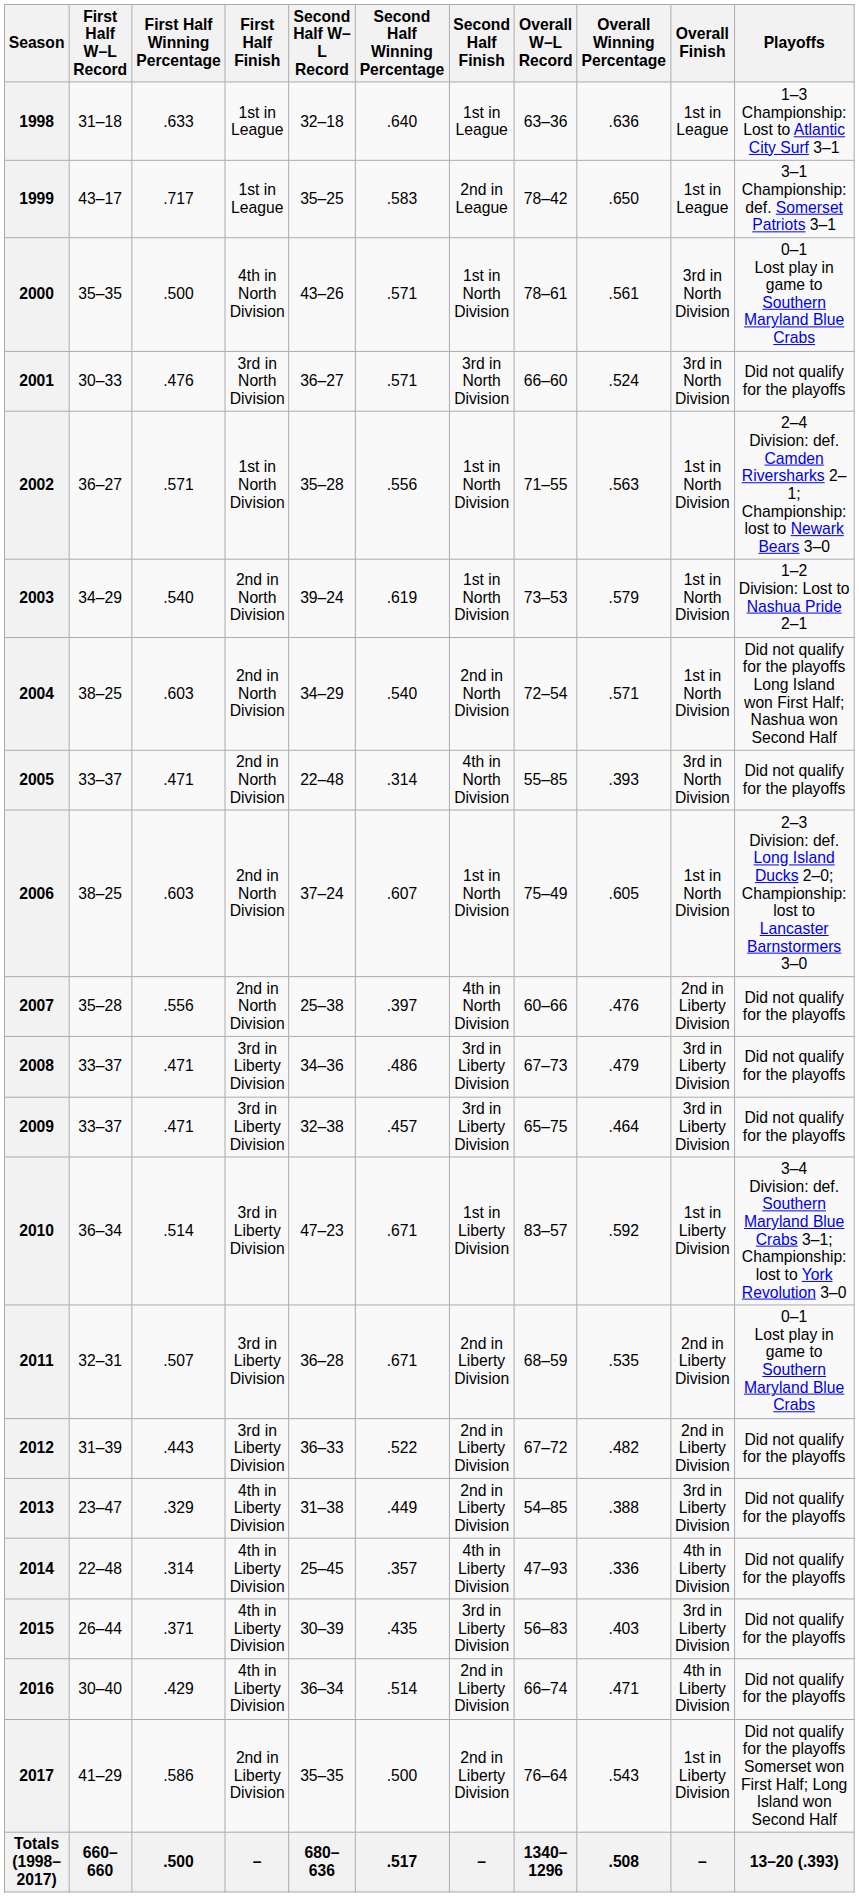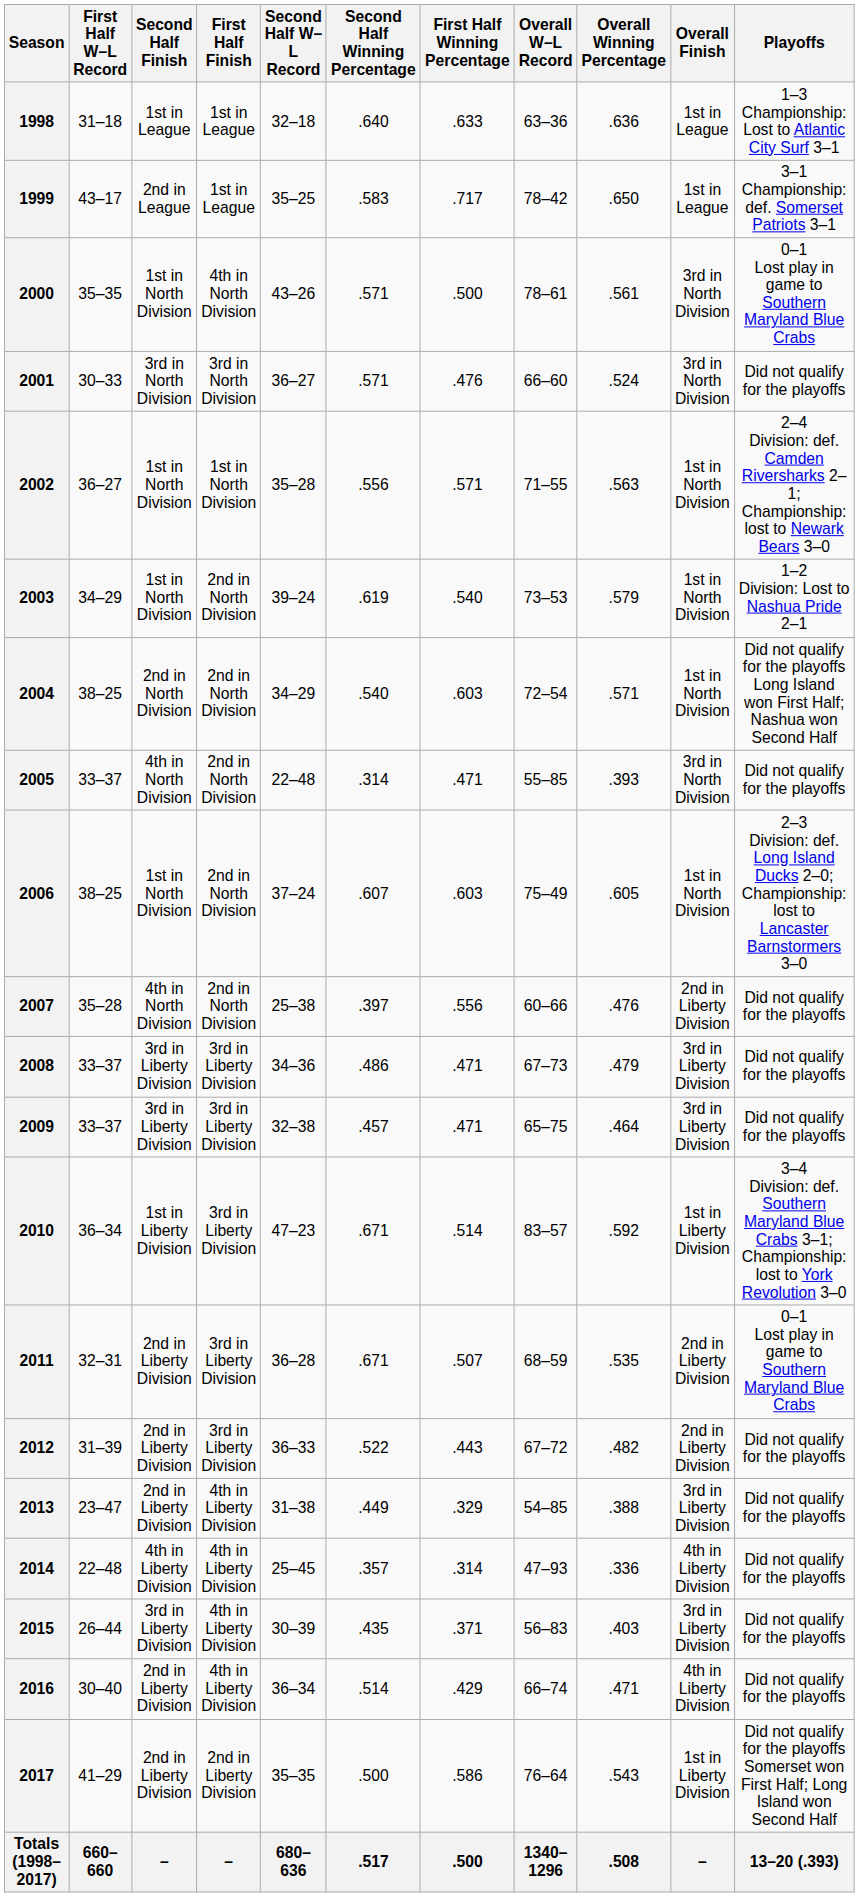 <table class="wikitable" style="text-align: center;">
 <tr>
 <th>Season</th>
 <th>First Half W–L Record</th>
-<th>First Half Winning Percentage</th>
+<th>Second Half Finish</th>
 <th>First Half Finish</th>
 <th>Second Half W–L Record</th>
 <th>Second Half Winning Percentage</th>
-<th>Second Half Finish</th>
+<th>First Half Winning Percentage</th>
 <th>Overall W–L Record</th>
 <th>Overall Winning Percentage</th>
 <th>Overall Finish</th>
 <th>Playoffs</th>
 </tr>
 <tr>
 <th>1998</th>
 <td>31–18</td>
-<td>.633</td>
+<td>1st in League</td>
 <td>1st in League</td>
 <td>32–18</td>
 <td>.640</td>
-<td>1st in League</td>
+<td>.633</td>
 <td>63–36</td>
 <td>.636</td>
 <td>1st in League</td>
 <td>1–3<br>Championship: Lost to <a href='#'>Atlantic City Surf</a> 3–1</td>
 </tr>
 <tr>
 <th>1999</th>
 <td>43–17</td>
-<td>.717</td>
+<td>2nd in League</td>
 <td>1st in League</td>
 <td>35–25</td>
 <td>.583</td>
-<td>2nd in League</td>
+<td>.717</td>
 <td>78–42</td>
 <td>.650</td>
 <td>1st in League</td>
 <td>3–1<br>Championship: def. <a href='#'>Somerset Patriots</a> 3–1</td>
 </tr>
 <tr>
 <th>2000</th>
 <td>35–35</td>
-<td>.500</td>
+<td>1st in North Division</td>
 <td>4th in North Division</td>
 <td>43–26</td>
 <td>.571</td>
-<td>1st in North Division</td>
+<td>.500</td>
 <td>78–61</td>
 <td>.561</td>
 <td>3rd in North Division</td>
 <td>0–1<br>Lost play in game to <a href='#'>Southern Maryland Blue Crabs</a></td>
 </tr>
 <tr>
 <th>2001</th>
 <td>30–33</td>
-<td>.476</td>
+<td>3rd in North Division</td>
 <td>3rd in North Division</td>
 <td>36–27</td>
 <td>.571</td>
-<td>3rd in North Division</td>
+<td>.476</td>
 <td>66–60</td>
 <td>.524</td>
 <td>3rd in North Division</td>
 <td>Did not qualify for the playoffs</td>
 </tr>
 <tr>
 <th>2002</th>
 <td>36–27</td>
-<td>.571</td>
+<td>1st in North Division</td>
 <td>1st in North Division</td>
 <td>35–28</td>
 <td>.556</td>
-<td>1st in North Division</td>
+<td>.571</td>
 <td>71–55</td>
 <td>.563</td>
 <td>1st in North Division</td>
 <td>2–4<br>Division: def. <a href='#'>Camden Riversharks</a> 2–1; Championship: lost to <a href='#'>Newark Bears</a> 3–0</td>
 </tr>
 <tr>
 <th>2003</th>
 <td>34–29</td>
-<td>.540</td>
+<td>1st in North Division</td>
 <td>2nd in North Division</td>
 <td>39–24</td>
 <td>.619</td>
-<td>1st in North Division</td>
+<td>.540</td>
 <td>73–53</td>
 <td>.579</td>
 <td>1st in North Division</td>
 <td>1–2<br>Division: Lost to <a href='#'>Nashua Pride</a> 2–1</td>
 </tr>
 <tr>
 <th>2004</th>
 <td>38–25</td>
-<td>.603</td>
+<td>2nd in North Division</td>
 <td>2nd in North Division</td>
 <td>34–29</td>
 <td>.540</td>
-<td>2nd in North Division</td>
+<td>.603</td>
 <td>72–54</td>
 <td>.571</td>
 <td>1st in North Division</td>
 <td>Did not qualify for the playoffs<br>Long Island won First Half; Nashua won Second Half</td>
 </tr>
 <tr>
 <th>2005</th>
 <td>33–37</td>
-<td>.471</td>
+<td>4th in North Division</td>
 <td>2nd in North Division</td>
 <td>22–48</td>
 <td>.314</td>
-<td>4th in North Division</td>
+<td>.471</td>
 <td>55–85</td>
 <td>.393</td>
 <td>3rd in North Division</td>
 <td>Did not qualify for the playoffs</td>
 </tr>
 <tr>
 <th>2006</th>
 <td>38–25</td>
-<td>.603</td>
+<td>1st in North Division</td>
 <td>2nd in North Division</td>
 <td>37–24</td>
 <td>.607</td>
-<td>1st in North Division</td>
+<td>.603</td>
 <td>75–49</td>
 <td>.605</td>
 <td>1st in North Division</td>
 <td>2–3<br>Division: def. <a href='#'>Long Island Ducks</a> 2–0; Championship: lost to <a href='#'>Lancaster Barnstormers</a> 3–0</td>
 </tr>
 <tr>
 <th>2007</th>
 <td>35–28</td>
-<td>.556</td>
+<td>4th in North Division</td>
 <td>2nd in North Division</td>
 <td>25–38</td>
 <td>.397</td>
-<td>4th in North Division</td>
+<td>.556</td>
 <td>60–66</td>
 <td>.476</td>
 <td>2nd in Liberty Division</td>
 <td>Did not qualify for the playoffs</td>
 </tr>
 <tr>
 <th>2008</th>
 <td>33–37</td>
-<td>.471</td>
+<td>3rd in Liberty Division</td>
 <td>3rd in Liberty Division</td>
 <td>34–36</td>
 <td>.486</td>
-<td>3rd in Liberty Division</td>
+<td>.471</td>
 <td>67–73</td>
 <td>.479</td>
 <td>3rd in Liberty Division</td>
 <td>Did not qualify for the playoffs</td>
 </tr>
 <tr>
 <th>2009</th>
 <td>33–37</td>
-<td>.471</td>
+<td>3rd in Liberty Division</td>
 <td>3rd in Liberty Division</td>
 <td>32–38</td>
 <td>.457</td>
-<td>3rd in Liberty Division</td>
+<td>.471</td>
 <td>65–75</td>
 <td>.464</td>
 <td>3rd in Liberty Division</td>
 <td>Did not qualify for the playoffs</td>
 </tr>
 <tr>
 <th>2010</th>
 <td>36–34</td>
-<td>.514</td>
+<td>1st in Liberty Division</td>
 <td>3rd in Liberty Division</td>
 <td>47–23</td>
 <td>.671</td>
-<td>1st in Liberty Division</td>
+<td>.514</td>
 <td>83–57</td>
 <td>.592</td>
 <td>1st in Liberty Division</td>
 <td>3–4<br>Division: def. <a href='#'>Southern Maryland Blue Crabs</a> 3–1; Championship: lost to <a href='#'>York Revolution</a> 3–0</td>
 </tr>
 <tr>
 <th>2011</th>
 <td>32–31</td>
-<td>.507</td>
+<td>2nd in Liberty Division</td>
 <td>3rd in Liberty Division</td>
 <td>36–28</td>
 <td>.671</td>
-<td>2nd in Liberty Division</td>
+<td>.507</td>
 <td>68–59</td>
 <td>.535</td>
 <td>2nd in Liberty Division</td>
 <td>0–1<br>Lost play in game to <a href='#'>Southern Maryland Blue Crabs</a></td>
 </tr>
 <tr>
 <th>2012</th>
 <td>31–39</td>
-<td>.443</td>
+<td>2nd in Liberty Division</td>
 <td>3rd in Liberty Division</td>
 <td>36–33</td>
 <td>.522</td>
-<td>2nd in Liberty Division</td>
+<td>.443</td>
 <td>67–72</td>
 <td>.482</td>
 <td>2nd in Liberty Division</td>
 <td>Did not qualify for the playoffs</td>
 </tr>
 <tr>
 <th>2013</th>
 <td>23–47</td>
-<td>.329</td>
+<td>2nd in Liberty Division</td>
 <td>4th in Liberty Division</td>
 <td>31–38</td>
 <td>.449</td>
-<td>2nd in Liberty Division</td>
+<td>.329</td>
 <td>54–85</td>
 <td>.388</td>
 <td>3rd in Liberty Division</td>
 <td>Did not qualify for the playoffs</td>
 </tr>
 <tr>
 <th>2014</th>
 <td>22–48</td>
-<td>.314</td>
+<td>4th in Liberty Division</td>
 <td>4th in Liberty Division</td>
 <td>25–45</td>
 <td>.357</td>
-<td>4th in Liberty Division</td>
+<td>.314</td>
 <td>47–93</td>
 <td>.336</td>
 <td>4th in Liberty Division</td>
 <td>Did not qualify for the playoffs</td>
 </tr>
 <tr>
 <th>2015</th>
 <td>26–44</td>
-<td>.371</td>
+<td>3rd in Liberty Division</td>
 <td>4th in Liberty Division</td>
 <td>30–39</td>
 <td>.435</td>
-<td>3rd in Liberty Division</td>
+<td>.371</td>
 <td>56–83</td>
 <td>.403</td>
 <td>3rd in Liberty Division</td>
 <td>Did not qualify for the playoffs</td>
 </tr>
 <tr>
 <th>2016</th>
 <td>30–40</td>
-<td>.429</td>
+<td>2nd in Liberty Division</td>
 <td>4th in Liberty Division</td>
 <td>36–34</td>
 <td>.514</td>
-<td>2nd in Liberty Division</td>
+<td>.429</td>
 <td>66–74</td>
 <td>.471</td>
 <td>4th in Liberty Division</td>
 <td>Did not qualify for the playoffs</td>
 </tr>
 <tr>
 <th>2017</th>
 <td>41–29</td>
-<td>.586</td>
+<td>2nd in Liberty Division</td>
 <td>2nd in Liberty Division</td>
 <td>35–35</td>
 <td>.500</td>
-<td>2nd in Liberty Division</td>
+<td>.586</td>
 <td>76–64</td>
 <td>.543</td>
 <td>1st in Liberty Division</td>
 <td>Did not qualify for the playoffs<br>Somerset won First Half; Long Island won Second Half</td>
 </tr>
 <tr>
 <th>Totals (1998–2017)</th>
 <th>660–660</th>
-<th>.500</th>
+<th>–</th>
 <th>–</th>
 <th>680–636</th>
 <th>.517</th>
-<th>–</th>
+<th>.500</th>
 <th>1340–1296</th>
 <th>.508</th>
 <th>–</th>
 <th>13–20 (.393)</th>
 </tr>
 </table>
